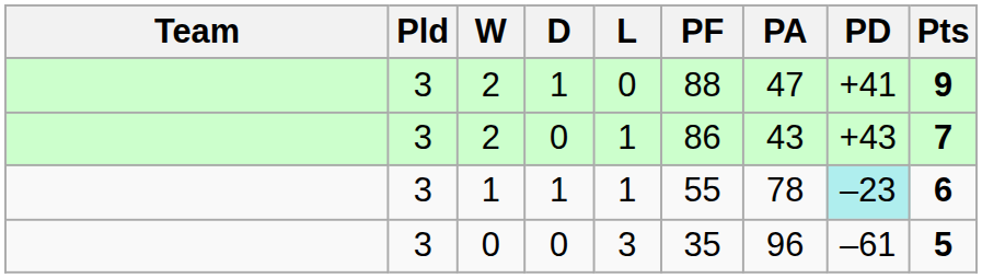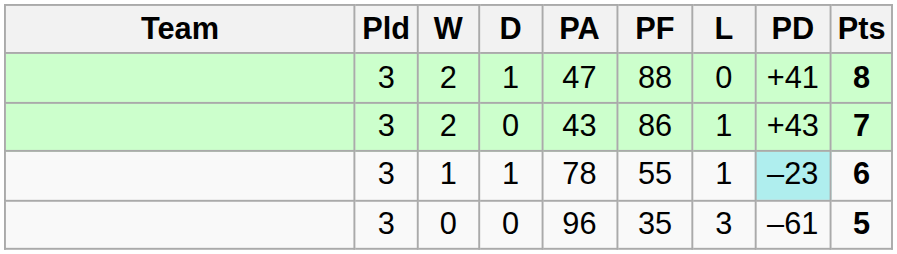 <table class="wikitable" style="text-align:center;">
 <tr>
 <th width=175>Team</th>
 <th width=25 abbr="Played">Pld</th>
 <th width=25 abbr="Won">W</th>
 <th width=25 abbr="Drawn">D</th>
+<th width=32 abbr="Points against">PA</th>
+<th width=32 abbr="Points for">PF</th>
 <th width=25 abbr="Lost">L</th>
-<th width=32 abbr="Points for">PF</th>
-<th width=32 abbr="Points against">PA</th>
 <th width=32 abbr="Points difference">PD</th>
 <th width=25 abbr="Points">Pts</th>
 </tr>
 <tr bgcolor=ccffcc>
 <td align=left></td>
 <td>3</td>
 <td>2</td>
 <td>1</td>
+<td>47</td>
+<td>88</td>
 <td>0</td>
-<td>88</td>
-<td>47</td>
 <td>+41</td>
-<td><strong>9</strong></td>
+<td><strong>8</strong></td>
 </tr>
 <tr bgcolor=ccffcc>
 <td align=left></td>
 <td>3</td>
 <td>2</td>
 <td>0</td>
+<td>43</td>
+<td>86</td>
 <td>1</td>
-<td>86</td>
-<td>43</td>
 <td>+43</td>
 <td><strong>7</strong></td>
 </tr>
 <tr>
 <td align=left></td>
 <td>3</td>
 <td>1</td>
 <td>1</td>
+<td>78</td>
+<td>55</td>
 <td>1</td>
-<td>55</td>
-<td>78</td>
 <td style="background: paleturquoise;">–23</td>
 <td><strong>6</strong></td>
 </tr>
 <tr>
 <td align=left></td>
 <td>3</td>
 <td>0</td>
 <td>0</td>
+<td>96</td>
+<td>35</td>
 <td>3</td>
-<td>35</td>
-<td>96</td>
 <td>–61</td>
 <td><strong>5</strong></td>
 </tr>
 </table>
